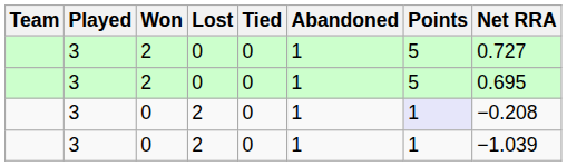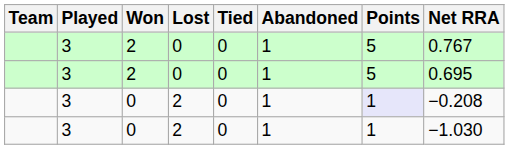 <table class="wikitable">
 <tr>
 <th>Team</th>
 <th>Played</th>
 <th>Won</th>
 <th>Lost</th>
 <th>Tied</th>
 <th>Abandoned</th>
 <th>Points</th>
 <th>Net RRA</th>
 </tr>
 <tr style="background:#cfc;">
 <td></td>
 <td>3</td>
 <td>2</td>
 <td>0</td>
 <td>0</td>
 <td>1</td>
 <td>5</td>
-<td>0.727</td>
+<td>0.767</td>
 </tr>
 <tr style="background:#cfc;">
 <td></td>
 <td>3</td>
 <td>2</td>
 <td>0</td>
 <td>0</td>
 <td>1</td>
 <td>5</td>
 <td>0.695</td>
 </tr>
 <tr>
 <td></td>
 <td>3</td>
 <td>0</td>
 <td>2</td>
 <td>0</td>
 <td>1</td>
 <td style="background: lavender;">1</td>
 <td>−0.208</td>
 </tr>
 <tr>
 <td></td>
 <td>3</td>
 <td>0</td>
 <td>2</td>
 <td>0</td>
 <td>1</td>
 <td>1</td>
-<td>−1.039</td>
+<td>−1.030</td>
 </tr>
 </table>
